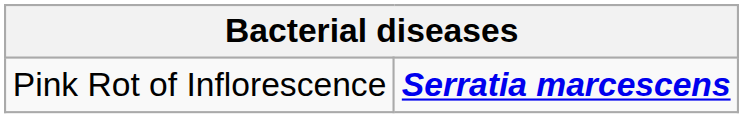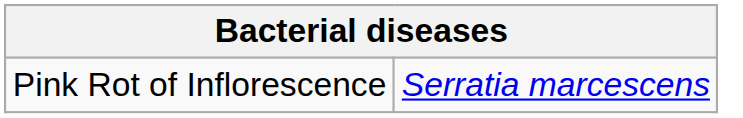 <table class="wikitable" style="clear">
 <tr>
 <th colspan=2><strong>Bacterial diseases</strong></th>
 </tr>
 <tr>
 <td>Pink Rot of Inflorescence</td>
-<td><strong><em><a href='#'>Serratia marcescens</a></em></strong></td>
+<td><em><a href='#'>Serratia marcescens</a></em></td>
 </tr>
 </table>
